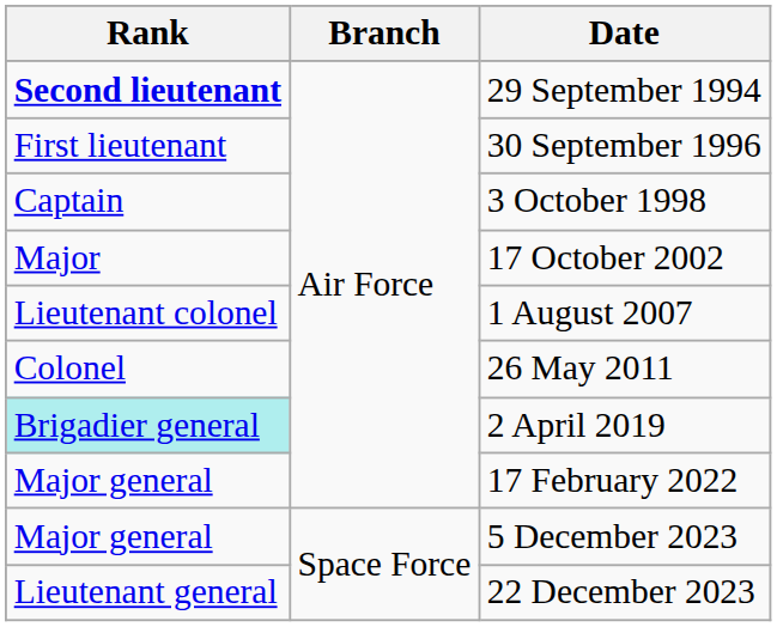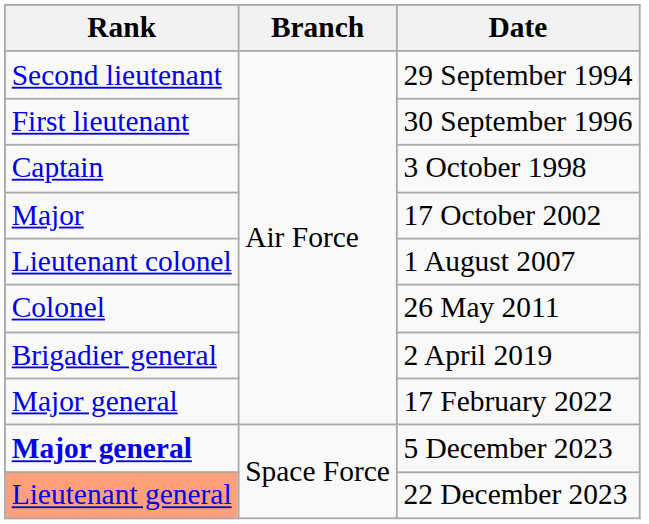 <table class="wikitable">
 <tr>
 <th>Rank</th>
 <th>Branch</th>
 <th>Date</th>
 </tr>
 <tr>
-<td><strong> <a href='#'>Second lieutenant</a></strong></td>
+<td> <a href='#'>Second lieutenant</a></td>
 <td rowspan=8>Air Force</td>
 <td>29 September 1994</td>
 </tr>
 <tr>
 <td> <a href='#'>First lieutenant</a></td>
 <td>30 September 1996</td>
 </tr>
 <tr>
 <td> <a href='#'>Captain</a></td>
 <td>3 October 1998</td>
 </tr>
 <tr>
 <td> <a href='#'>Major</a></td>
 <td>17 October 2002</td>
 </tr>
 <tr>
 <td> <a href='#'>Lieutenant colonel</a></td>
 <td>1 August 2007</td>
 </tr>
 <tr>
 <td> <a href='#'>Colonel</a></td>
 <td>26 May 2011</td>
 </tr>
 <tr>
-<td style="background: paleturquoise;"> <a href='#'>Brigadier general</a></td>
+<td> <a href='#'>Brigadier general</a></td>
 <td>2 April 2019</td>
 </tr>
 <tr>
 <td> <a href='#'>Major general</a></td>
 <td>17 February 2022</td>
 </tr>
 <tr>
-<td> <a href='#'>Major general</a></td>
+<td><strong> <a href='#'>Major general</a></strong></td>
 <td rowspan=2>Space Force</td>
 <td>5 December 2023</td>
 </tr>
 <tr>
-<td> <a href='#'>Lieutenant general</a></td>
+<td style="background: lightsalmon;"> <a href='#'>Lieutenant general</a></td>
 <td>22 December 2023</td>
 </tr>
 </table>
